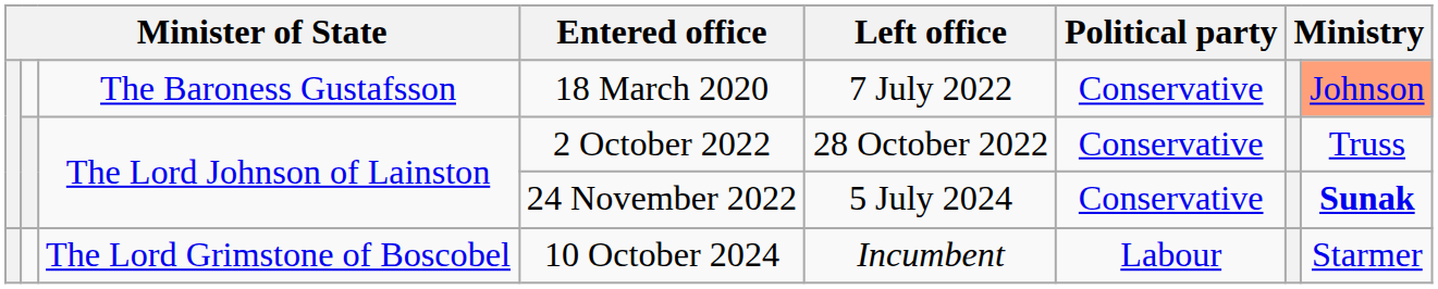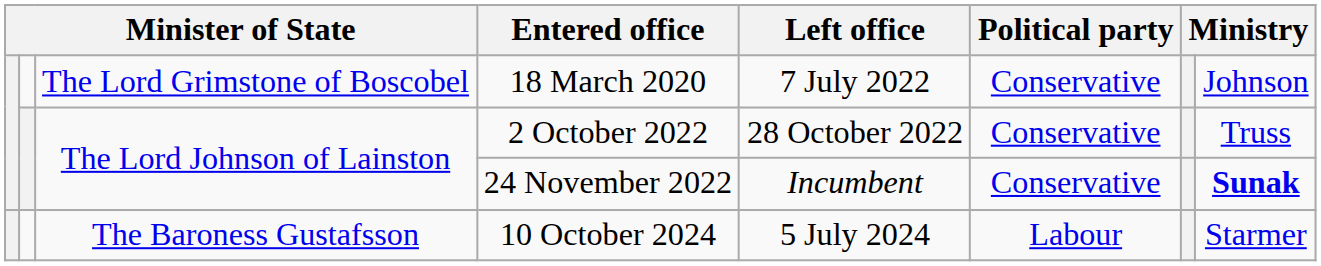 <table class="wikitable" style="text-align:center">
 <tr>
 <th colspan=3>Minister of State</th>
 <th>Entered office</th>
 <th>Left office</th>
 <th>Political party</th>
 <th colspan=2>Ministry</th>
 </tr>
 <tr>
 <th rowspan=3 style="background-color: "></th>
 <td></td>
-<td><a href='#'>The Baroness Gustafsson</a></td>
+<td><a href='#'>The Lord Grimstone of Boscobel</a></td>
 <td>18 March 2020</td>
 <td>7 July 2022</td>
 <td><a href='#'>Conservative</a></td>
 <th style="background-color: "></th>
-<td style="background: lightsalmon;"><a href='#'>Johnson</a><br></td>
+<td><a href='#'>Johnson</a><br></td>
 </tr>
 <tr>
 <th rowspan=2></th>
 <td rowspan=2><a href='#'>The Lord Johnson of Lainston</a></td>
 <td>2 October 2022</td>
 <td>28 October 2022</td>
 <td><a href='#'>Conservative</a></td>
 <th style="background-color: "></th>
 <td><a href='#'>Truss</a></td>
 </tr>
 <tr>
 <td>24 November 2022</td>
-<td>5 July 2024</td>
+<td><em>Incumbent</em></td>
 <td><a href='#'>Conservative</a></td>
 <th style="background-color: "></th>
 <td><strong><a href='#'>Sunak</a></strong></td>
 </tr>
 <tr>
 <th rowspan=3 style="background-color: "></th>
 <td></td>
-<td><a href='#'>The Lord Grimstone of Boscobel</a></td>
+<td><a href='#'>The Baroness Gustafsson</a></td>
 <td>10 October 2024</td>
-<td><em>Incumbent</em></td>
+<td>5 July 2024</td>
 <td><a href='#'>Labour</a></td>
 <th style="background-color: "></th>
 <td><a href='#'>Starmer</a></td>
 </tr>
 </table>
